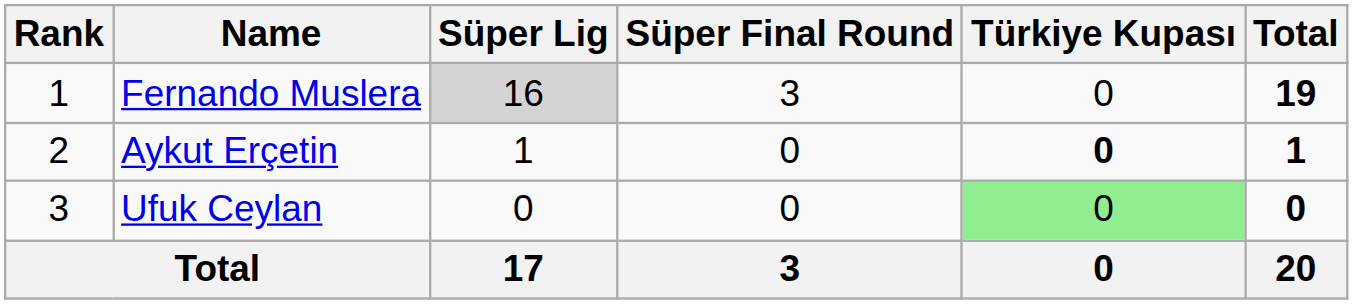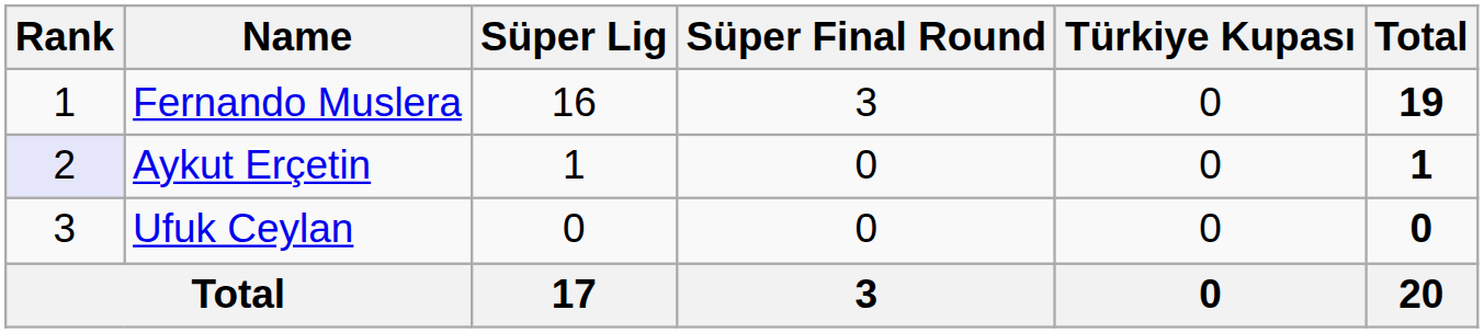 <table class="wikitable" style="text-align: center;">
 <tr>
 <th>Rank</th>
 <th>Name</th>
 <th>Süper Lig</th>
 <th>Süper Final Round</th>
 <th>Türkiye Kupası</th>
 <th>Total</th>
 </tr>
 <tr>
 <td>1</td>
 <td align=left> <a href='#'>Fernando Muslera</a></td>
-<td style="background: lightgrey;">16</td>
+<td>16</td>
 <td>3</td>
 <td>0</td>
 <td><strong>19</strong></td>
 </tr>
 <tr>
-<td>2</td>
+<td style="background: lavender;">2</td>
 <td align=left> <a href='#'>Aykut Erçetin</a></td>
 <td>1</td>
 <td>0</td>
-<td><strong>0</strong></td>
+<td>0</td>
 <td><strong>1</strong></td>
 </tr>
 <tr>
 <td>3</td>
 <td align=left> <a href='#'>Ufuk Ceylan</a></td>
 <td>0</td>
 <td>0</td>
-<td style="background: lightgreen;">0</td>
+<td>0</td>
 <td><strong>0</strong></td>
 </tr>
 <tr>
 <th colspan=2>Total</th>
 <th>17</th>
 <th>3</th>
 <th>0</th>
 <th>20</th>
 </tr>
 </table>
